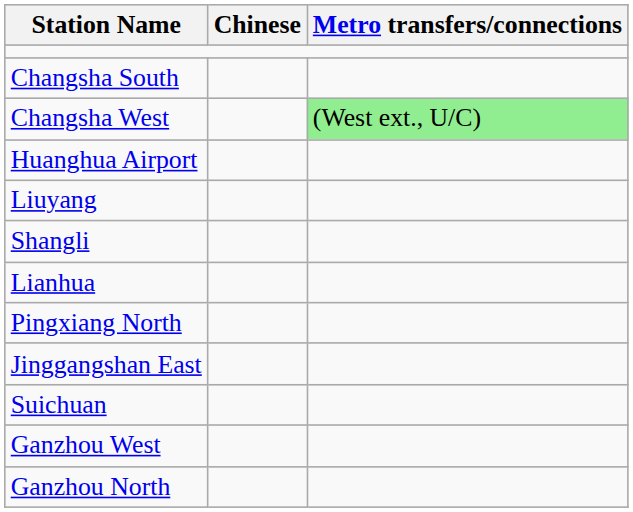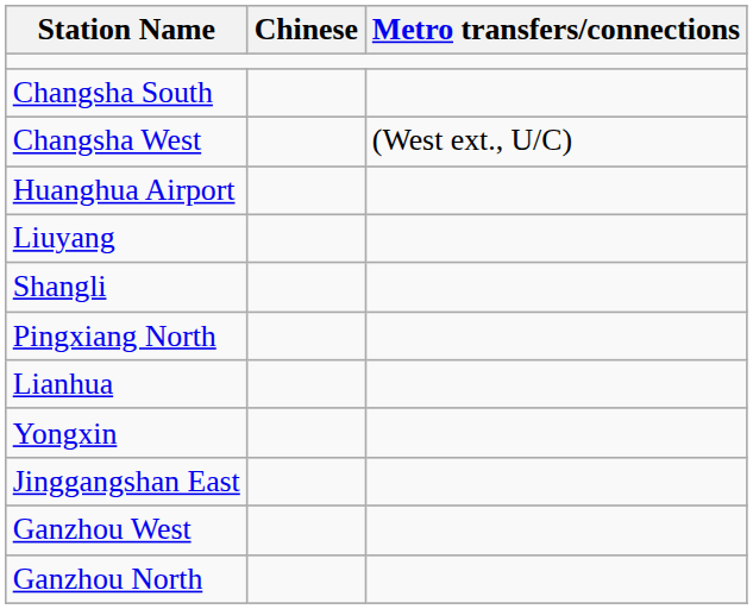 <table class="wikitable">
 <tr>
 <th>Station Name</th>
 <th>Chinese</th>
 <th><a href='#'>Metro</a> transfers/connections<br></th>
 </tr>
 <tr style="background:#">
 <td colspan="3"></td>
 </tr>
 <tr>
 <td><a href='#'>Changsha South</a></td>
 <td></td>
 <td>   </td>
 </tr>
 <tr>
 <td><a href='#'>Changsha West</a></td>
 <td></td>
-<td style="background: lightgreen;">  (West ext., U/C)</td>
+<td>  (West ext., U/C)</td>
 </tr>
 <tr>
 <td><a href='#'>Huanghua Airport</a></td>
 <td></td>
 <td>   </td>
 </tr>
 <tr>
 <td><a href='#'>Liuyang</a></td>
 <td></td>
 <td></td>
 </tr>
 <tr>
 <td><a href='#'>Shangli</a></td>
 <td></td>
 <td></td>
 </tr>
 <tr>
+<td><a href='#'>Pingxiang North</a></td>
+<td></td>
+<td></td>
+</tr>
+<tr>
 <td><a href='#'>Lianhua</a></td>
 <td></td>
 <td></td>
 </tr>
 <tr>
-<td><a href='#'>Pingxiang North</a></td>
+<td><a href='#'>Yongxin</a></td>
 <td></td>
 <td></td>
 </tr>
 <tr>
 <td><a href='#'>Jinggangshan East</a></td>
-<td></td>
-<td></td>
-</tr>
-<tr>
-<td><a href='#'>Suichuan</a></td>
 <td></td>
 <td></td>
 </tr>
 <tr>
 <td><a href='#'>Ganzhou West</a></td>
 <td></td>
 <td></td>
 </tr>
 <tr>
 <td><a href='#'>Ganzhou North</a></td>
 <td></td>
 <td></td>
 </tr>
 </table>
